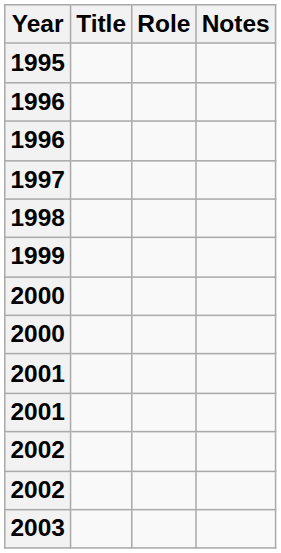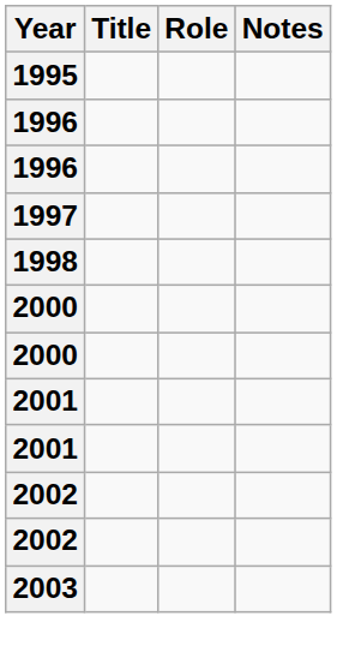 <table class="wikitable plainrowheaders">
 <tr>
 <th scope="col">Year</th>
 <th scope="col">Title</th>
 <th scope="col">Role</th>
 <th scope="col">Notes</th>
 </tr>
 <tr>
 <th scope="row">1995</th>
 <td><em></em></td>
 <td></td>
 <td></td>
 </tr>
 <tr>
 <th scope="row">1996</th>
 <td><em></em></td>
 <td></td>
 <td></td>
 </tr>
 <tr>
 <th scope="row">1996</th>
 <td><em></em></td>
 <td></td>
 <td></td>
 </tr>
 <tr>
 <th scope="row">1997</th>
 <td><em></em></td>
 <td></td>
 <td></td>
 </tr>
 <tr>
 <th scope="row">1998</th>
-<td><em></em></td>
-<td></td>
-<td></td>
-</tr>
-<tr>
-<th scope="row">1999</th>
 <td><em></em></td>
 <td></td>
 <td></td>
 </tr>
 <tr>
 <th scope="row">2000</th>
 <td><em></em></td>
 <td></td>
 <td></td>
 </tr>
 <tr>
 <th scope="row">2000</th>
 <td><em></em></td>
 <td></td>
 <td></td>
 </tr>
 <tr>
 <th scope="row">2001</th>
 <td><em></em></td>
 <td></td>
 <td></td>
 </tr>
 <tr>
 <th scope="row">2001</th>
 <td><em></em></td>
 <td></td>
 <td></td>
 </tr>
 <tr>
 <th scope="row">2002</th>
 <td><em></em></td>
 <td></td>
 <td></td>
 </tr>
 <tr>
 <th scope="row">2002</th>
 <td><em></em></td>
 <td></td>
 <td></td>
 </tr>
 <tr>
 <th scope="row">2003</th>
 <td><em></em></td>
 <td></td>
 <td></td>
 </tr>
 </table>
